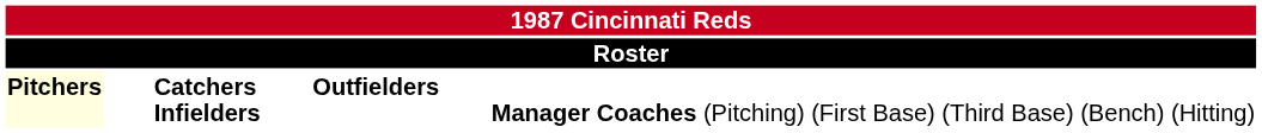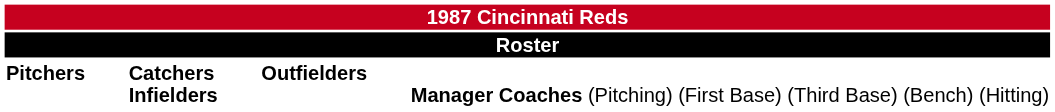 <table class="toccolours" style="font-size: 95%;">
 <tr>
 <th colspan="10" style="background:#c6011f; color:#fff; text-align:center;">1987 Cincinnati Reds</th>
 </tr>
 <tr>
 <td colspan="10" style="background:black; color:#fff; text-align:center;"><strong>Roster</strong></td>
 </tr>
 <tr>
-<td valign="top" style="background: lightyellow;"><strong>Pitchers</strong><br>                </td>
+<td valign="top"><strong>Pitchers</strong><br>                </td>
 <td style="width:25px;"></td>
 <td valign="top"><strong>Catchers</strong><br>    <strong>Infielders</strong>        </td>
 <td style="width:25px;"></td>
 <td valign="top"><strong>Outfielders</strong><br>       </td>
 <td style="width:25px;"></td>
 <td valign="top"><br><strong>Manager</strong>  <strong>Coaches</strong>  (Pitching)  (First Base)   (Third Base)  (Bench)  (Hitting)</td>
 </tr>
 </table>
